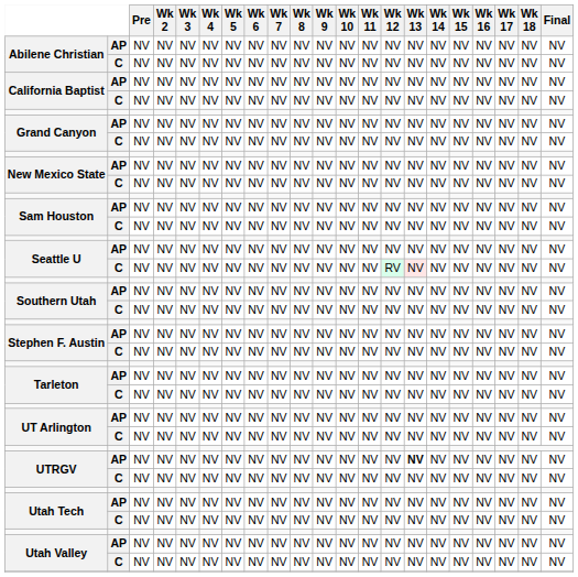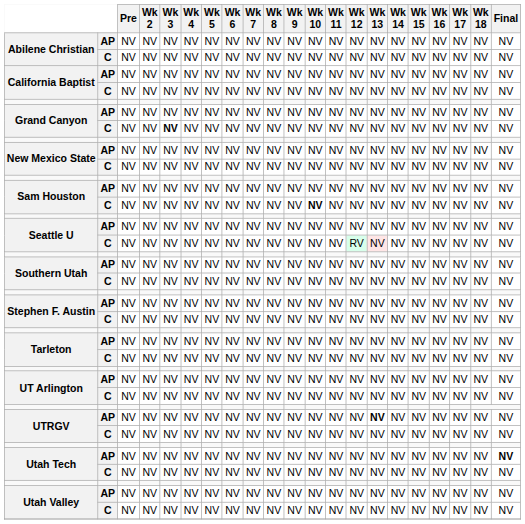 <table class="wikitable" style="white-space:nowrap;font-size:90%;text-align:center;">
 <tr>
 <th colspan=2 style="background:white; border-top-style:hidden; border-left-style:hidden;"> </th>
 <th>Pre</th>
 <th>Wk<br>2</th>
 <th>Wk<br>3</th>
 <th>Wk<br>4</th>
 <th>Wk<br>5</th>
 <th>Wk<br>6</th>
 <th>Wk<br>7</th>
 <th>Wk<br>8</th>
 <th>Wk<br>9</th>
 <th>Wk<br>10</th>
 <th>Wk<br>11</th>
 <th>Wk<br>12</th>
 <th>Wk<br>13</th>
 <th>Wk<br>14</th>
 <th>Wk<br>15</th>
 <th>Wk<br>16</th>
 <th>Wk<br>17</th>
 <th>Wk<br>18</th>
 <th>Final</th>
 </tr>
 <tr>
 <th rowspan=2 style=>Abilene Christian</th>
 <th>AP</th>
 <td style="background:#FFF;">NV</td>
 <td style="background:#FFF;">NV</td>
 <td style="background:#FFF;">NV</td>
 <td style="background:#FFF;">NV</td>
 <td style="background:#FFF;">NV</td>
 <td style="background:#FFF;">NV</td>
 <td style="background:#FFF;">NV</td>
 <td style="background:#FFF;">NV</td>
 <td style="background:#FFF;">NV</td>
 <td style="background:#FFF;">NV</td>
 <td style="background:#FFF;">NV</td>
 <td style="background:#FFF;">NV</td>
 <td style="background:#FFF;">NV</td>
 <td style="background:#FFF;">NV</td>
 <td style="background:#FFF;">NV</td>
 <td style="background:#FFF;">NV</td>
 <td style="background:#FFF;">NV</td>
 <td style="background:#FFF;">NV</td>
 <td style="background:#FFF;">NV</td>
 </tr>
 <tr>
 <th>C</th>
 <td style="background:#FFF;">NV</td>
 <td style="background:#FFF;">NV</td>
 <td style="background:#FFF;">NV</td>
 <td style="background:#FFF;">NV</td>
 <td style="background:#FFF;">NV</td>
 <td style="background:#FFF;">NV</td>
 <td style="background:#FFF;">NV</td>
 <td style="background:#FFF;">NV</td>
 <td style="background:#FFF;">NV</td>
 <td style="background:#FFF;">NV</td>
 <td style="background:#FFF;">NV</td>
 <td style="background:#FFF;">NV</td>
 <td style="background:#FFF;">NV</td>
 <td style="background:#FFF;">NV</td>
 <td style="background:#FFF;">NV</td>
 <td style="background:#FFF;">NV</td>
 <td style="background:#FFF;">NV</td>
 <td style="background:#FFF;">NV</td>
 <td style="background:#FFF;">NV</td>
 </tr>
 <tr>
 <th rowspan=2 style=>California Baptist</th>
 <th>AP</th>
 <td style="background:#FFF;">NV</td>
 <td style="background:#FFF;">NV</td>
 <td style="background:#FFF;">NV</td>
 <td style="background:#FFF;">NV</td>
 <td style="background:#FFF;">NV</td>
 <td style="background:#FFF;">NV</td>
 <td style="background:#FFF;">NV</td>
 <td style="background:#FFF;">NV</td>
 <td style="background:#FFF;">NV</td>
 <td style="background:#FFF;">NV</td>
 <td style="background:#FFF;">NV</td>
 <td style="background:#FFF;">NV</td>
 <td style="background:#FFF;">NV</td>
 <td style="background:#FFF;">NV</td>
 <td style="background:#FFF;">NV</td>
 <td style="background:#FFF;">NV</td>
 <td style="background:#FFF;">NV</td>
 <td style="background:#FFF;">NV</td>
 <td style="background:#FFF;">NV</td>
 </tr>
 <tr>
 <th>C</th>
 <td style="background:#FFF;">NV</td>
 <td style="background:#FFF;">NV</td>
 <td style="background:#FFF;">NV</td>
 <td style="background:#FFF;">NV</td>
 <td style="background:#FFF;">NV</td>
 <td style="background:#FFF;">NV</td>
 <td style="background:#FFF;">NV</td>
 <td style="background:#FFF;">NV</td>
 <td style="background:#FFF;">NV</td>
 <td style="background:#FFF;">NV</td>
 <td style="background:#FFF;">NV</td>
 <td style="background:#FFF;">NV</td>
 <td style="background:#FFF;">NV</td>
 <td style="background:#FFF;">NV</td>
 <td style="background:#FFF;">NV</td>
 <td style="background:#FFF;">NV</td>
 <td style="background:#FFF;">NV</td>
 <td style="background:#FFF;">NV</td>
 <td style="background:#FFF;">NV</td>
 </tr>
 <tr>
 <td></td>
 <td></td>
 <td></td>
 <td></td>
 <td></td>
 <td></td>
 <td></td>
 <td></td>
 <td></td>
 <td></td>
 <td></td>
 <td></td>
 <td></td>
 <td></td>
 <td></td>
 <td></td>
 <td></td>
 <td></td>
 <td></td>
 <td></td>
 <td></td>
 </tr>
 <tr>
 <th rowspan=2 style=>Grand Canyon</th>
 <th>AP</th>
 <td style="background:#FFF;">NV</td>
 <td style="background:#FFF;">NV</td>
 <td style="background:#FFF;">NV</td>
 <td style="background:#FFF;">NV</td>
 <td style="background:#FFF;">NV</td>
 <td style="background:#FFF;">NV</td>
 <td style="background:#FFF;">NV</td>
 <td style="background:#FFF;">NV</td>
 <td style="background:#FFF;">NV</td>
 <td style="background:#FFF;">NV</td>
 <td style="background:#FFF;">NV</td>
 <td style="background:#FFF;">NV</td>
 <td style="background:#FFF;">NV</td>
 <td style="background:#FFF;">NV</td>
 <td style="background:#FFF;">NV</td>
 <td style="background:#FFF;">NV</td>
 <td style="background:#FFF;">NV</td>
 <td style="background:#FFF;">NV</td>
 <td style="background:#FFF;">NV</td>
 </tr>
 <tr>
 <th>C</th>
 <td style="background:#FFF;">NV</td>
 <td style="background:#FFF;">NV</td>
-<td style="background:#FFF;">NV</td>
+<td style="background:#FFF;"><strong>NV</strong></td>
 <td style="background:#FFF;">NV</td>
 <td style="background:#FFF;">NV</td>
 <td style="background:#FFF;">NV</td>
 <td style="background:#FFF;">NV</td>
 <td style="background:#FFF;">NV</td>
 <td style="background:#FFF;">NV</td>
 <td style="background:#FFF;">NV</td>
 <td style="background:#FFF;">NV</td>
 <td style="background:#FFF;">NV</td>
 <td style="background:#FFF;">NV</td>
 <td style="background:#FFF;">NV</td>
 <td style="background:#FFF;">NV</td>
 <td style="background:#FFF;">NV</td>
 <td style="background:#FFF;">NV</td>
 <td style="background:#FFF;">NV</td>
 <td style="background:#FFF;">NV</td>
 </tr>
 <tr>
 <td></td>
 <td></td>
 <td></td>
 <td></td>
 <td></td>
 <td></td>
 <td></td>
 <td></td>
 <td></td>
 <td></td>
 <td></td>
 <td></td>
 <td></td>
 <td></td>
 <td></td>
 <td></td>
 <td></td>
 <td></td>
 <td></td>
 <td></td>
 <td></td>
 </tr>
 <tr>
 <th rowspan=2 style=>New Mexico State</th>
 <th>AP</th>
 <td style="background:#FFF;">NV</td>
 <td style="background:#FFF;">NV</td>
 <td style="background:#FFF;">NV</td>
 <td style="background:#FFF;">NV</td>
 <td style="background:#FFF;">NV</td>
 <td style="background:#FFF;">NV</td>
 <td style="background:#FFF;">NV</td>
 <td style="background:#FFF;">NV</td>
 <td style="background:#FFF;">NV</td>
 <td style="background:#FFF;">NV</td>
 <td style="background:#FFF;">NV</td>
 <td style="background:#FFF;">NV</td>
 <td style="background:#FFF;">NV</td>
 <td style="background:#FFF;">NV</td>
 <td style="background:#FFF;">NV</td>
 <td style="background:#FFF;">NV</td>
 <td style="background:#FFF;">NV</td>
 <td style="background:#FFF;">NV</td>
 <td style="background:#FFF;">NV</td>
 </tr>
 <tr>
 <th>C</th>
 <td style="background:#FFF;">NV</td>
 <td style="background:#FFF;">NV</td>
 <td style="background:#FFF;">NV</td>
 <td style="background:#FFF;">NV</td>
 <td style="background:#FFF;">NV</td>
 <td style="background:#FFF;">NV</td>
 <td style="background:#FFF;">NV</td>
 <td style="background:#FFF;">NV</td>
 <td style="background:#FFF;">NV</td>
 <td style="background:#FFF;">NV</td>
 <td style="background:#FFF;">NV</td>
 <td style="background:#FFF;">NV</td>
 <td style="background:#FFF;">NV</td>
 <td style="background:#FFF;">NV</td>
 <td style="background:#FFF;">NV</td>
 <td style="background:#FFF;">NV</td>
 <td style="background:#FFF;">NV</td>
 <td style="background:#FFF;">NV</td>
 <td style="background:#FFF;">NV</td>
 </tr>
 <tr>
 <td></td>
 <td></td>
 <td></td>
 <td></td>
 <td></td>
 <td></td>
 <td></td>
 <td></td>
 <td></td>
 <td></td>
 <td></td>
 <td></td>
 <td></td>
 <td></td>
 <td></td>
 <td></td>
 <td></td>
 <td></td>
 <td></td>
 <td></td>
 <td></td>
 </tr>
 <tr>
 <th rowspan=2 style=>Sam Houston</th>
 <th>AP</th>
 <td style="background:#FFF;">NV</td>
 <td style="background:#FFF;">NV</td>
 <td style="background:#FFF;">NV</td>
 <td style="background:#FFF;">NV</td>
 <td style="background:#FFF;">NV</td>
 <td style="background:#FFF;">NV</td>
 <td style="background:#FFF;">NV</td>
 <td style="background:#FFF;">NV</td>
 <td style="background:#FFF;">NV</td>
 <td style="background:#FFF;">NV</td>
 <td style="background:#FFF;">NV</td>
 <td style="background:#FFF;">NV</td>
 <td style="background:#FFF;">NV</td>
 <td style="background:#FFF;">NV</td>
 <td style="background:#FFF;">NV</td>
 <td style="background:#FFF;">NV</td>
 <td style="background:#FFF;">NV</td>
 <td style="background:#FFF;">NV</td>
 <td style="background:#FFF;">NV</td>
 </tr>
 <tr>
 <th>C</th>
 <td style="background:#FFF;">NV</td>
 <td style="background:#FFF;">NV</td>
 <td style="background:#FFF;">NV</td>
 <td style="background:#FFF;">NV</td>
 <td style="background:#FFF;">NV</td>
 <td style="background:#FFF;">NV</td>
 <td style="background:#FFF;">NV</td>
 <td style="background:#FFF;">NV</td>
 <td style="background:#FFF;">NV</td>
-<td style="background:#FFF;">NV</td>
+<td style="background:#FFF;"><strong>NV</strong></td>
 <td style="background:#FFF;">NV</td>
 <td style="background:#FFF;">NV</td>
 <td style="background:#FFF;">NV</td>
 <td style="background:#FFF;">NV</td>
 <td style="background:#FFF;">NV</td>
 <td style="background:#FFF;">NV</td>
 <td style="background:#FFF;">NV</td>
 <td style="background:#FFF;">NV</td>
 <td style="background:#FFF;">NV</td>
 </tr>
 <tr>
 <td></td>
 <td></td>
 <td></td>
 <td></td>
 <td></td>
 <td></td>
 <td></td>
 <td></td>
 <td></td>
 <td></td>
 <td></td>
 <td></td>
 <td></td>
 <td></td>
 <td></td>
 <td></td>
 <td></td>
 <td></td>
 <td></td>
 <td></td>
 <td></td>
 </tr>
 <tr>
 <th rowspan=2 style=>Seattle U</th>
 <th>AP</th>
 <td style="background:#FFF;">NV</td>
 <td style="background:#FFF;">NV</td>
 <td style="background:#FFF;">NV</td>
 <td style="background:#FFF;">NV</td>
 <td style="background:#FFF;">NV</td>
 <td style="background:#FFF;">NV</td>
 <td style="background:#FFF;">NV</td>
 <td style="background:#FFF;">NV</td>
 <td style="background:#FFF;">NV</td>
 <td style="background:#FFF;">NV</td>
 <td style="background:#FFF;">NV</td>
 <td style="background:#FFF;">NV</td>
 <td style="background:#FFF;">NV</td>
 <td style="background:#FFF;">NV</td>
 <td style="background:#FFF;">NV</td>
 <td style="background:#FFF;">NV</td>
 <td style="background:#FFF;">NV</td>
 <td style="background:#FFF;">NV</td>
 <td style="background:#FFF;">NV</td>
 </tr>
 <tr>
 <th>C</th>
 <td style="background:#FFF;">NV</td>
 <td style="background:#FFF;">NV</td>
 <td style="background:#FFF;">NV</td>
 <td style="background:#FFF;">NV</td>
 <td style="background:#FFF;">NV</td>
 <td style="background:#FFF;">NV</td>
 <td style="background:#FFF;">NV</td>
 <td style="background:#FFF;">NV</td>
 <td style="background:#FFF;">NV</td>
 <td style="background:#FFF;">NV</td>
 <td style="background:#FFF;">NV</td>
 <td style="background:#d8ffeb;">RV</td>
 <td style="background:#ffe6e6;">NV</td>
 <td style="background:#FFF;">NV</td>
 <td style="background:#FFF;">NV</td>
 <td style="background:#FFF;">NV</td>
 <td style="background:#FFF;">NV</td>
 <td style="background:#FFF;">NV</td>
 <td style="background:#FFF;">NV</td>
 </tr>
 <tr>
 <td></td>
 <td></td>
 <td></td>
 <td></td>
 <td></td>
 <td></td>
 <td></td>
 <td></td>
 <td></td>
 <td></td>
 <td></td>
 <td></td>
 <td></td>
 <td></td>
 <td></td>
 <td></td>
 <td></td>
 <td></td>
 <td></td>
 <td></td>
 <td></td>
 </tr>
 <tr>
 <th rowspan=2 style=>Southern Utah</th>
 <th>AP</th>
 <td style="background:#FFF;">NV</td>
 <td style="background:#FFF;">NV</td>
 <td style="background:#FFF;">NV</td>
 <td style="background:#FFF;">NV</td>
 <td style="background:#FFF;">NV</td>
 <td style="background:#FFF;">NV</td>
 <td style="background:#FFF;">NV</td>
 <td style="background:#FFF;">NV</td>
 <td style="background:#FFF;">NV</td>
 <td style="background:#FFF;">NV</td>
 <td style="background:#FFF;">NV</td>
 <td style="background:#FFF;">NV</td>
 <td style="background:#FFF;">NV</td>
 <td style="background:#FFF;">NV</td>
 <td style="background:#FFF;">NV</td>
 <td style="background:#FFF;">NV</td>
 <td style="background:#FFF;">NV</td>
 <td style="background:#FFF;">NV</td>
 <td style="background:#FFF;">NV</td>
 </tr>
 <tr>
 <th>C</th>
 <td style="background:#FFF;">NV</td>
 <td style="background:#FFF;">NV</td>
 <td style="background:#FFF;">NV</td>
 <td style="background:#FFF;">NV</td>
 <td style="background:#FFF;">NV</td>
 <td style="background:#FFF;">NV</td>
 <td style="background:#FFF;">NV</td>
 <td style="background:#FFF;">NV</td>
 <td style="background:#FFF;">NV</td>
 <td style="background:#FFF;">NV</td>
 <td style="background:#FFF;">NV</td>
 <td style="background:#FFF;">NV</td>
 <td style="background:#FFF;">NV</td>
 <td style="background:#FFF;">NV</td>
 <td style="background:#FFF;">NV</td>
 <td style="background:#FFF;">NV</td>
 <td style="background:#FFF;">NV</td>
 <td style="background:#FFF;">NV</td>
 <td style="background:#FFF;">NV</td>
 </tr>
 <tr>
 <td></td>
 <td></td>
 <td></td>
 <td></td>
 <td></td>
 <td></td>
 <td></td>
 <td></td>
 <td></td>
 <td></td>
 <td></td>
 <td></td>
 <td></td>
 <td></td>
 <td></td>
 <td></td>
 <td></td>
 <td></td>
 <td></td>
 <td></td>
 <td></td>
 </tr>
 <tr>
 <th rowspan=2 style=>Stephen F. Austin</th>
 <th>AP</th>
 <td style="background:#FFF;">NV</td>
 <td style="background:#FFF;">NV</td>
 <td style="background:#FFF;">NV</td>
 <td style="background:#FFF;">NV</td>
 <td style="background:#FFF;">NV</td>
 <td style="background:#FFF;">NV</td>
 <td style="background:#FFF;">NV</td>
 <td style="background:#FFF;">NV</td>
 <td style="background:#FFF;">NV</td>
 <td style="background:#FFF;">NV</td>
 <td style="background:#FFF;">NV</td>
 <td style="background:#FFF;">NV</td>
 <td style="background:#FFF;">NV</td>
 <td style="background:#FFF;">NV</td>
 <td style="background:#FFF;">NV</td>
 <td style="background:#FFF;">NV</td>
 <td style="background:#FFF;">NV</td>
 <td style="background:#FFF;">NV</td>
 <td style="background:#FFF;">NV</td>
 </tr>
 <tr>
 <th>C</th>
 <td style="background:#FFF;">NV</td>
 <td style="background:#FFF;">NV</td>
 <td style="background:#FFF;">NV</td>
 <td style="background:#FFF;">NV</td>
 <td style="background:#FFF;">NV</td>
 <td style="background:#FFF;">NV</td>
 <td style="background:#FFF;">NV</td>
 <td style="background:#FFF;">NV</td>
 <td style="background:#FFF;">NV</td>
 <td style="background:#FFF;">NV</td>
 <td style="background:#FFF;">NV</td>
 <td style="background:#FFF;">NV</td>
 <td style="background:#FFF;">NV</td>
 <td style="background:#FFF;">NV</td>
 <td style="background:#FFF;">NV</td>
 <td style="background:#FFF;">NV</td>
 <td style="background:#FFF;">NV</td>
 <td style="background:#FFF;">NV</td>
 <td style="background:#FFF;">NV</td>
 </tr>
 <tr>
 <td></td>
 <td></td>
 <td></td>
 <td></td>
 <td></td>
 <td></td>
 <td></td>
 <td></td>
 <td></td>
 <td></td>
 <td></td>
 <td></td>
 <td></td>
 <td></td>
 <td></td>
 <td></td>
 <td></td>
 <td></td>
 <td></td>
 <td></td>
 <td></td>
 </tr>
 <tr>
 <th rowspan=2 style=>Tarleton</th>
 <th>AP</th>
 <td style="background:#FFF;">NV</td>
 <td style="background:#FFF;">NV</td>
 <td style="background:#FFF;">NV</td>
 <td style="background:#FFF;">NV</td>
 <td style="background:#FFF;">NV</td>
 <td style="background:#FFF;">NV</td>
 <td style="background:#FFF;">NV</td>
 <td style="background:#FFF;">NV</td>
 <td style="background:#FFF;">NV</td>
 <td style="background:#FFF;">NV</td>
 <td style="background:#FFF;">NV</td>
 <td style="background:#FFF;">NV</td>
 <td style="background:#FFF;">NV</td>
 <td style="background:#FFF;">NV</td>
 <td style="background:#FFF;">NV</td>
 <td style="background:#FFF;">NV</td>
 <td style="background:#FFF;">NV</td>
 <td style="background:#FFF;">NV</td>
 <td style="background:#FFF;">NV</td>
 </tr>
 <tr>
 <th>C</th>
 <td style="background:#FFF;">NV</td>
 <td style="background:#FFF;">NV</td>
 <td style="background:#FFF;">NV</td>
 <td style="background:#FFF;">NV</td>
 <td style="background:#FFF;">NV</td>
 <td style="background:#FFF;">NV</td>
 <td style="background:#FFF;">NV</td>
 <td style="background:#FFF;">NV</td>
 <td style="background:#FFF;">NV</td>
 <td style="background:#FFF;">NV</td>
 <td style="background:#FFF;">NV</td>
 <td style="background:#FFF;">NV</td>
 <td style="background:#FFF;">NV</td>
 <td style="background:#FFF;">NV</td>
 <td style="background:#FFF;">NV</td>
 <td style="background:#FFF;">NV</td>
 <td style="background:#FFF;">NV</td>
 <td style="background:#FFF;">NV</td>
 <td style="background:#FFF;">NV</td>
 </tr>
 <tr>
 <td></td>
 <td></td>
 <td></td>
 <td></td>
 <td></td>
 <td></td>
 <td></td>
 <td></td>
 <td></td>
 <td></td>
 <td></td>
 <td></td>
 <td></td>
 <td></td>
 <td></td>
 <td></td>
 <td></td>
 <td></td>
 <td></td>
 <td></td>
 <td></td>
 </tr>
 <tr>
 <th rowspan=2 style=>UT Arlington</th>
 <th>AP</th>
 <td style="background:#FFF;">NV</td>
 <td style="background:#FFF;">NV</td>
 <td style="background:#FFF;">NV</td>
 <td style="background:#FFF;">NV</td>
 <td style="background:#FFF;">NV</td>
 <td style="background:#FFF;">NV</td>
 <td style="background:#FFF;">NV</td>
 <td style="background:#FFF;">NV</td>
 <td style="background:#FFF;">NV</td>
 <td style="background:#FFF;">NV</td>
 <td style="background:#FFF;">NV</td>
 <td style="background:#FFF;">NV</td>
 <td style="background:#FFF;">NV</td>
 <td style="background:#FFF;">NV</td>
 <td style="background:#FFF;">NV</td>
 <td style="background:#FFF;">NV</td>
 <td style="background:#FFF;">NV</td>
 <td style="background:#FFF;">NV</td>
 <td style="background:#FFF;">NV</td>
 </tr>
 <tr>
 <th>C</th>
 <td style="background:#FFF;">NV</td>
 <td style="background:#FFF;">NV</td>
 <td style="background:#FFF;">NV</td>
 <td style="background:#FFF;">NV</td>
 <td style="background:#FFF;">NV</td>
 <td style="background:#FFF;">NV</td>
 <td style="background:#FFF;">NV</td>
 <td style="background:#FFF;">NV</td>
 <td style="background:#FFF;">NV</td>
 <td style="background:#FFF;">NV</td>
 <td style="background:#FFF;">NV</td>
 <td style="background:#FFF;">NV</td>
 <td style="background:#FFF;">NV</td>
 <td style="background:#FFF;">NV</td>
 <td style="background:#FFF;">NV</td>
 <td style="background:#FFF;">NV</td>
 <td style="background:#FFF;">NV</td>
 <td style="background:#FFF;">NV</td>
 <td style="background:#FFF;">NV</td>
 </tr>
 <tr>
 <td></td>
 <td></td>
 <td></td>
 <td></td>
 <td></td>
 <td></td>
 <td></td>
 <td></td>
 <td></td>
 <td></td>
 <td></td>
 <td></td>
 <td></td>
 <td></td>
 <td></td>
 <td></td>
 <td></td>
 <td></td>
 <td></td>
 </tr>
 <tr>
 <th rowspan=2 style=>UTRGV</th>
 <th>AP</th>
 <td style="background:#FFF;">NV</td>
 <td style="background:#FFF;">NV</td>
 <td style="background:#FFF;">NV</td>
 <td style="background:#FFF;">NV</td>
 <td style="background:#FFF;">NV</td>
 <td style="background:#FFF;">NV</td>
 <td style="background:#FFF;">NV</td>
 <td style="background:#FFF;">NV</td>
 <td style="background:#FFF;">NV</td>
 <td style="background:#FFF;">NV</td>
 <td style="background:#FFF;">NV</td>
 <td style="background:#FFF;">NV</td>
 <td style="background:#FFF;"><strong>NV</strong></td>
 <td style="background:#FFF;">NV</td>
 <td style="background:#FFF;">NV</td>
 <td style="background:#FFF;">NV</td>
 <td style="background:#FFF;">NV</td>
 <td style="background:#FFF;">NV</td>
 <td style="background:#FFF;">NV</td>
 </tr>
 <tr>
 <th>C</th>
 <td style="background:#FFF;">NV</td>
 <td style="background:#FFF;">NV</td>
 <td style="background:#FFF;">NV</td>
 <td style="background:#FFF;">NV</td>
 <td style="background:#FFF;">NV</td>
 <td style="background:#FFF;">NV</td>
 <td style="background:#FFF;">NV</td>
 <td style="background:#FFF;">NV</td>
 <td style="background:#FFF;">NV</td>
 <td style="background:#FFF;">NV</td>
 <td style="background:#FFF;">NV</td>
 <td style="background:#FFF;">NV</td>
 <td style="background:#FFF;">NV</td>
 <td style="background:#FFF;">NV</td>
 <td style="background:#FFF;">NV</td>
 <td style="background:#FFF;">NV</td>
 <td style="background:#FFF;">NV</td>
 <td style="background:#FFF;">NV</td>
 <td style="background:#FFF;">NV</td>
 </tr>
 <tr>
 <td></td>
 <td></td>
 <td></td>
 <td></td>
 <td></td>
 <td></td>
 <td></td>
 <td></td>
 <td></td>
 <td></td>
 <td></td>
 <td></td>
 <td></td>
 <td></td>
 <td></td>
 <td></td>
 <td></td>
 <td></td>
 <td></td>
 <td></td>
 <td></td>
 </tr>
 <tr>
 <th rowspan=2 style=>Utah Tech</th>
 <th>AP</th>
 <td style="background:#FFF;">NV</td>
 <td style="background:#FFF;">NV</td>
 <td style="background:#FFF;">NV</td>
 <td style="background:#FFF;">NV</td>
 <td style="background:#FFF;">NV</td>
 <td style="background:#FFF;">NV</td>
 <td style="background:#FFF;">NV</td>
 <td style="background:#FFF;">NV</td>
 <td style="background:#FFF;">NV</td>
 <td style="background:#FFF;">NV</td>
 <td style="background:#FFF;">NV</td>
 <td style="background:#FFF;">NV</td>
 <td style="background:#FFF;">NV</td>
 <td style="background:#FFF;">NV</td>
 <td style="background:#FFF;">NV</td>
 <td style="background:#FFF;">NV</td>
 <td style="background:#FFF;">NV</td>
 <td style="background:#FFF;">NV</td>
-<td style="background:#FFF;">NV</td>
+<td style="background:#FFF;"><strong>NV</strong></td>
 </tr>
 <tr>
 <th>C</th>
 <td style="background:#FFF;">NV</td>
 <td style="background:#FFF;">NV</td>
 <td style="background:#FFF;">NV</td>
 <td style="background:#FFF;">NV</td>
 <td style="background:#FFF;">NV</td>
 <td style="background:#FFF;">NV</td>
 <td style="background:#FFF;">NV</td>
 <td style="background:#FFF;">NV</td>
 <td style="background:#FFF;">NV</td>
 <td style="background:#FFF;">NV</td>
 <td style="background:#FFF;">NV</td>
 <td style="background:#FFF;">NV</td>
 <td style="background:#FFF;">NV</td>
 <td style="background:#FFF;">NV</td>
 <td style="background:#FFF;">NV</td>
 <td style="background:#FFF;">NV</td>
 <td style="background:#FFF;">NV</td>
 <td style="background:#FFF;">NV</td>
 <td style="background:#FFF;">NV</td>
 </tr>
 <tr>
 <td></td>
 <td></td>
 <td></td>
 <td></td>
 <td></td>
 <td></td>
 <td></td>
 <td></td>
 <td></td>
 <td></td>
 <td></td>
 <td></td>
 <td></td>
 <td></td>
 <td></td>
 <td></td>
 <td></td>
 <td></td>
 <td></td>
 <td></td>
 <td></td>
 </tr>
 <tr>
 <th rowspan=2 style=>Utah Valley</th>
 <th>AP</th>
 <td style="background:#FFF;">NV</td>
 <td style="background:#FFF;">NV</td>
 <td style="background:#FFF;">NV</td>
 <td style="background:#FFF;">NV</td>
 <td style="background:#FFF;">NV</td>
 <td style="background:#FFF;">NV</td>
 <td style="background:#FFF;">NV</td>
 <td style="background:#FFF;">NV</td>
 <td style="background:#FFF;">NV</td>
 <td style="background:#FFF;">NV</td>
 <td style="background:#FFF;">NV</td>
 <td style="background:#FFF;">NV</td>
 <td style="background:#FFF;">NV</td>
 <td style="background:#FFF;">NV</td>
 <td style="background:#FFF;">NV</td>
 <td style="background:#FFF;">NV</td>
 <td style="background:#FFF;">NV</td>
 <td style="background:#FFF;">NV</td>
 <td style="background:#FFF;">NV</td>
 </tr>
 <tr>
 <th>C</th>
 <td style="background:#FFF;">NV</td>
 <td style="background:#FFF;">NV</td>
 <td style="background:#FFF;">NV</td>
 <td style="background:#FFF;">NV</td>
 <td style="background:#FFF;">NV</td>
 <td style="background:#FFF;">NV</td>
 <td style="background:#FFF;">NV</td>
 <td style="background:#FFF;">NV</td>
 <td style="background:#FFF;">NV</td>
 <td style="background:#FFF;">NV</td>
 <td style="background:#FFF;">NV</td>
 <td style="background:#FFF;">NV</td>
 <td style="background:#FFF;">NV</td>
 <td style="background:#FFF;">NV</td>
 <td style="background:#FFF;">NV</td>
 <td style="background:#FFF;">NV</td>
 <td style="background:#FFF;">NV</td>
 <td style="background:#FFF;">NV</td>
 <td style="background:#FFF;">NV</td>
 </tr>
 <tr>
 </tr>
 <tr>
 </tr>
 </table>
